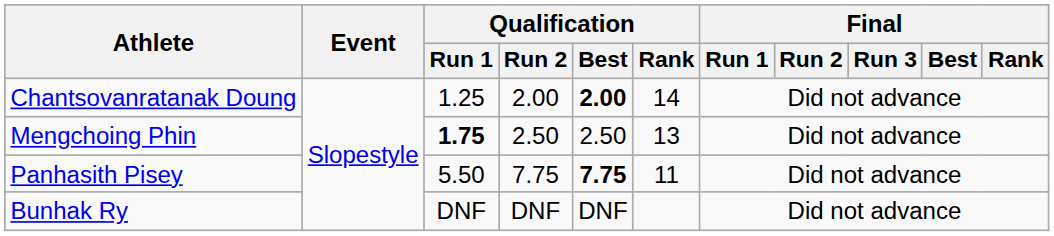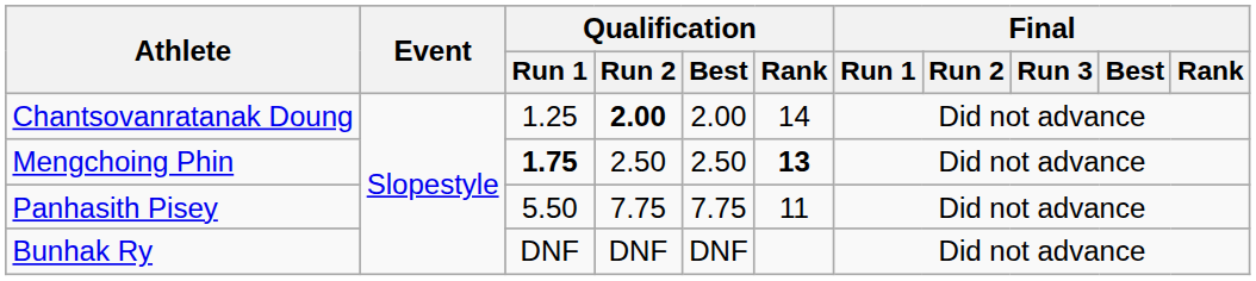 <table class=wikitable style=font-size:90%;text-align:center>
 <tr>
 <th rowspan=2>Athlete</th>
 <th rowspan=2>Event</th>
 <th colspan=4>Qualification</th>
 <th colspan=5>Final</th>
 </tr>
 <tr style=font-size:95%>
 <th>Run 1</th>
 <th>Run 2</th>
 <th>Best</th>
 <th>Rank</th>
 <th>Run 1</th>
 <th>Run 2</th>
 <th>Run 3</th>
 <th>Best</th>
 <th>Rank</th>
 </tr>
 <tr>
 <td align=left><a href='#'>Chantsovanratanak Doung</a></td>
 <td align=left rowspan=4><a href='#'>Slopestyle</a></td>
 <td>1.25</td>
+<td><strong>2.00</strong></td>
 <td>2.00</td>
-<td><strong>2.00</strong></td>
 <td>14</td>
 <td colspan=5>Did not advance</td>
 </tr>
 <tr>
 <td align=left><a href='#'>Mengchoing Phin</a></td>
 <td><strong>1.75</strong></td>
 <td>2.50</td>
 <td>2.50</td>
-<td>13</td>
+<td><strong>13</strong></td>
 <td colspan=5>Did not advance</td>
 </tr>
 <tr>
 <td align=left><a href='#'>Panhasith Pisey</a></td>
 <td>5.50</td>
 <td>7.75</td>
-<td><strong>7.75</strong></td>
+<td>7.75</td>
 <td>11</td>
 <td colspan=5>Did not advance</td>
 </tr>
 <tr>
 <td align=left><a href='#'>Bunhak Ry</a></td>
 <td>DNF</td>
 <td>DNF</td>
 <td>DNF</td>
 <td></td>
 <td colspan=5>Did not advance</td>
 </tr>
 </table>
